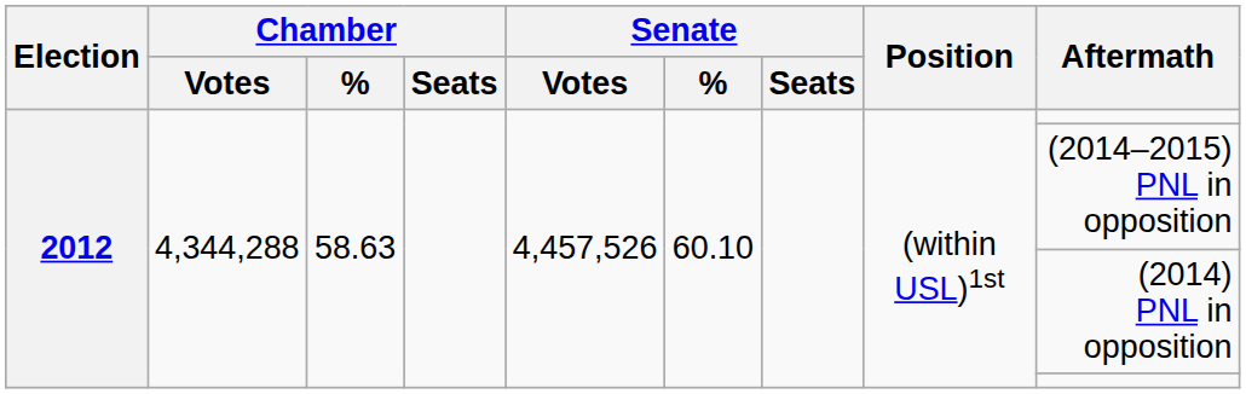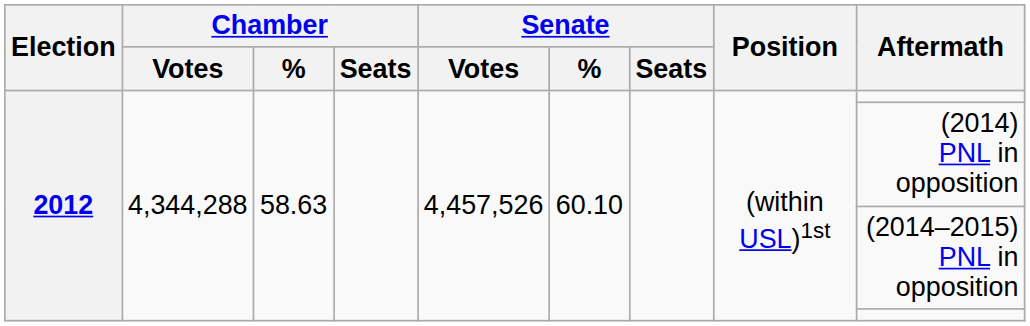 <table class="wikitable" style="text-align: right;">
 <tr>
 <th rowspan="2">Election</th>
 <th colspan="3"><a href='#'>Chamber</a></th>
 <th colspan="3"><a href='#'>Senate</a></th>
 <th rowspan="2">Position</th>
 <th rowspan="2">Aftermath</th>
 </tr>
 <tr>
 <th>Votes</th>
 <th>%</th>
 <th>Seats</th>
 <th>Votes</th>
 <th>%</th>
 <th>Seats</th>
 </tr>
 <tr>
 <th rowspan=4><a href='#'>2012</a></th>
 <td rowspan=4>4,344,288</td>
 <td rowspan=4>58.63</td>
 <td rowspan=4></td>
 <td rowspan=4>4,457,526</td>
 <td rowspan=4>60.10</td>
 <td rowspan=4></td>
 <td rowspan=4; style="text-align: center;"><br>(within <a href='#'>USL</a>)<sup>1st</sup></td>
 <td></td>
 </tr>
 <tr>
-<td> (2014–2015)<br><a href='#'>PNL</a> in opposition</td>
+<td> (2014)<br><a href='#'>PNL</a> in opposition</td>
 </tr>
 <tr>
-<td> (2014)<br><a href='#'>PNL</a> in opposition</td>
+<td> (2014–2015)<br><a href='#'>PNL</a> in opposition</td>
 </tr>
 <tr>
 <td></td>
 </tr>
 </table>
